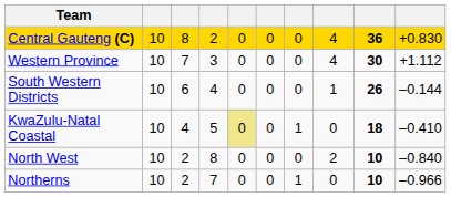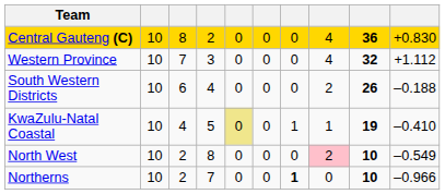 <table class="wikitable" style="text-align:center">
 <tr>
 <th width="150">Team</th>
 <th width="25"></th>
 <th width="25"></th>
 <th width="25"></th>
 <th width="25"></th>
 <th width="25"></th>
 <th width="25"></th>
 <th width="40"></th>
 <th width="40"></th>
 <th width="45"></th>
 </tr>
 <tr style="background:gold">
 <td style="text-align:left"><a href='#'>Central Gauteng</a> <strong>(C)</strong></td>
 <td>10</td>
 <td>8</td>
 <td>2</td>
 <td>0</td>
 <td>0</td>
 <td>0</td>
 <td>4</td>
 <td><strong>36</strong></td>
 <td>+0.830</td>
 </tr>
 <tr>
 <td style="text-align:left"><a href='#'>Western Province</a></td>
 <td>10</td>
 <td>7</td>
 <td>3</td>
 <td>0</td>
 <td>0</td>
 <td>0</td>
 <td>4</td>
-<td><strong>30</strong></td>
+<td><strong>32</strong></td>
 <td>+1.112</td>
 </tr>
 <tr>
 <td style="text-align:left"><a href='#'>South Western Districts</a></td>
 <td>10</td>
 <td>6</td>
 <td>4</td>
 <td>0</td>
 <td>0</td>
 <td>0</td>
-<td>1</td>
+<td>2</td>
 <td><strong>26</strong></td>
-<td>–0.144</td>
+<td>–0.188</td>
 </tr>
 <tr>
 <td style="text-align:left"><a href='#'>KwaZulu-Natal Coastal</a></td>
 <td>10</td>
 <td>4</td>
 <td>5</td>
 <td style="background: khaki;">0</td>
 <td>0</td>
 <td>1</td>
-<td>0</td>
-<td><strong>18</strong></td>
+<td>1</td>
+<td><strong>19</strong></td>
 <td>–0.410</td>
 </tr>
 <tr>
 <td style="text-align:left"><a href='#'>North West</a></td>
 <td>10</td>
 <td>2</td>
 <td>8</td>
 <td>0</td>
 <td>0</td>
 <td>0</td>
-<td>2</td>
+<td style="background: pink;">2</td>
 <td><strong>10</strong></td>
-<td>–0.840</td>
+<td>–0.549</td>
 </tr>
 <tr>
 <td style="text-align:left"><a href='#'>Northerns</a></td>
 <td>10</td>
 <td>2</td>
 <td>7</td>
 <td>0</td>
 <td>0</td>
-<td>1</td>
+<td><strong>1</strong></td>
 <td>0</td>
 <td><strong>10</strong></td>
 <td>–0.966</td>
 </tr>
 </table>
